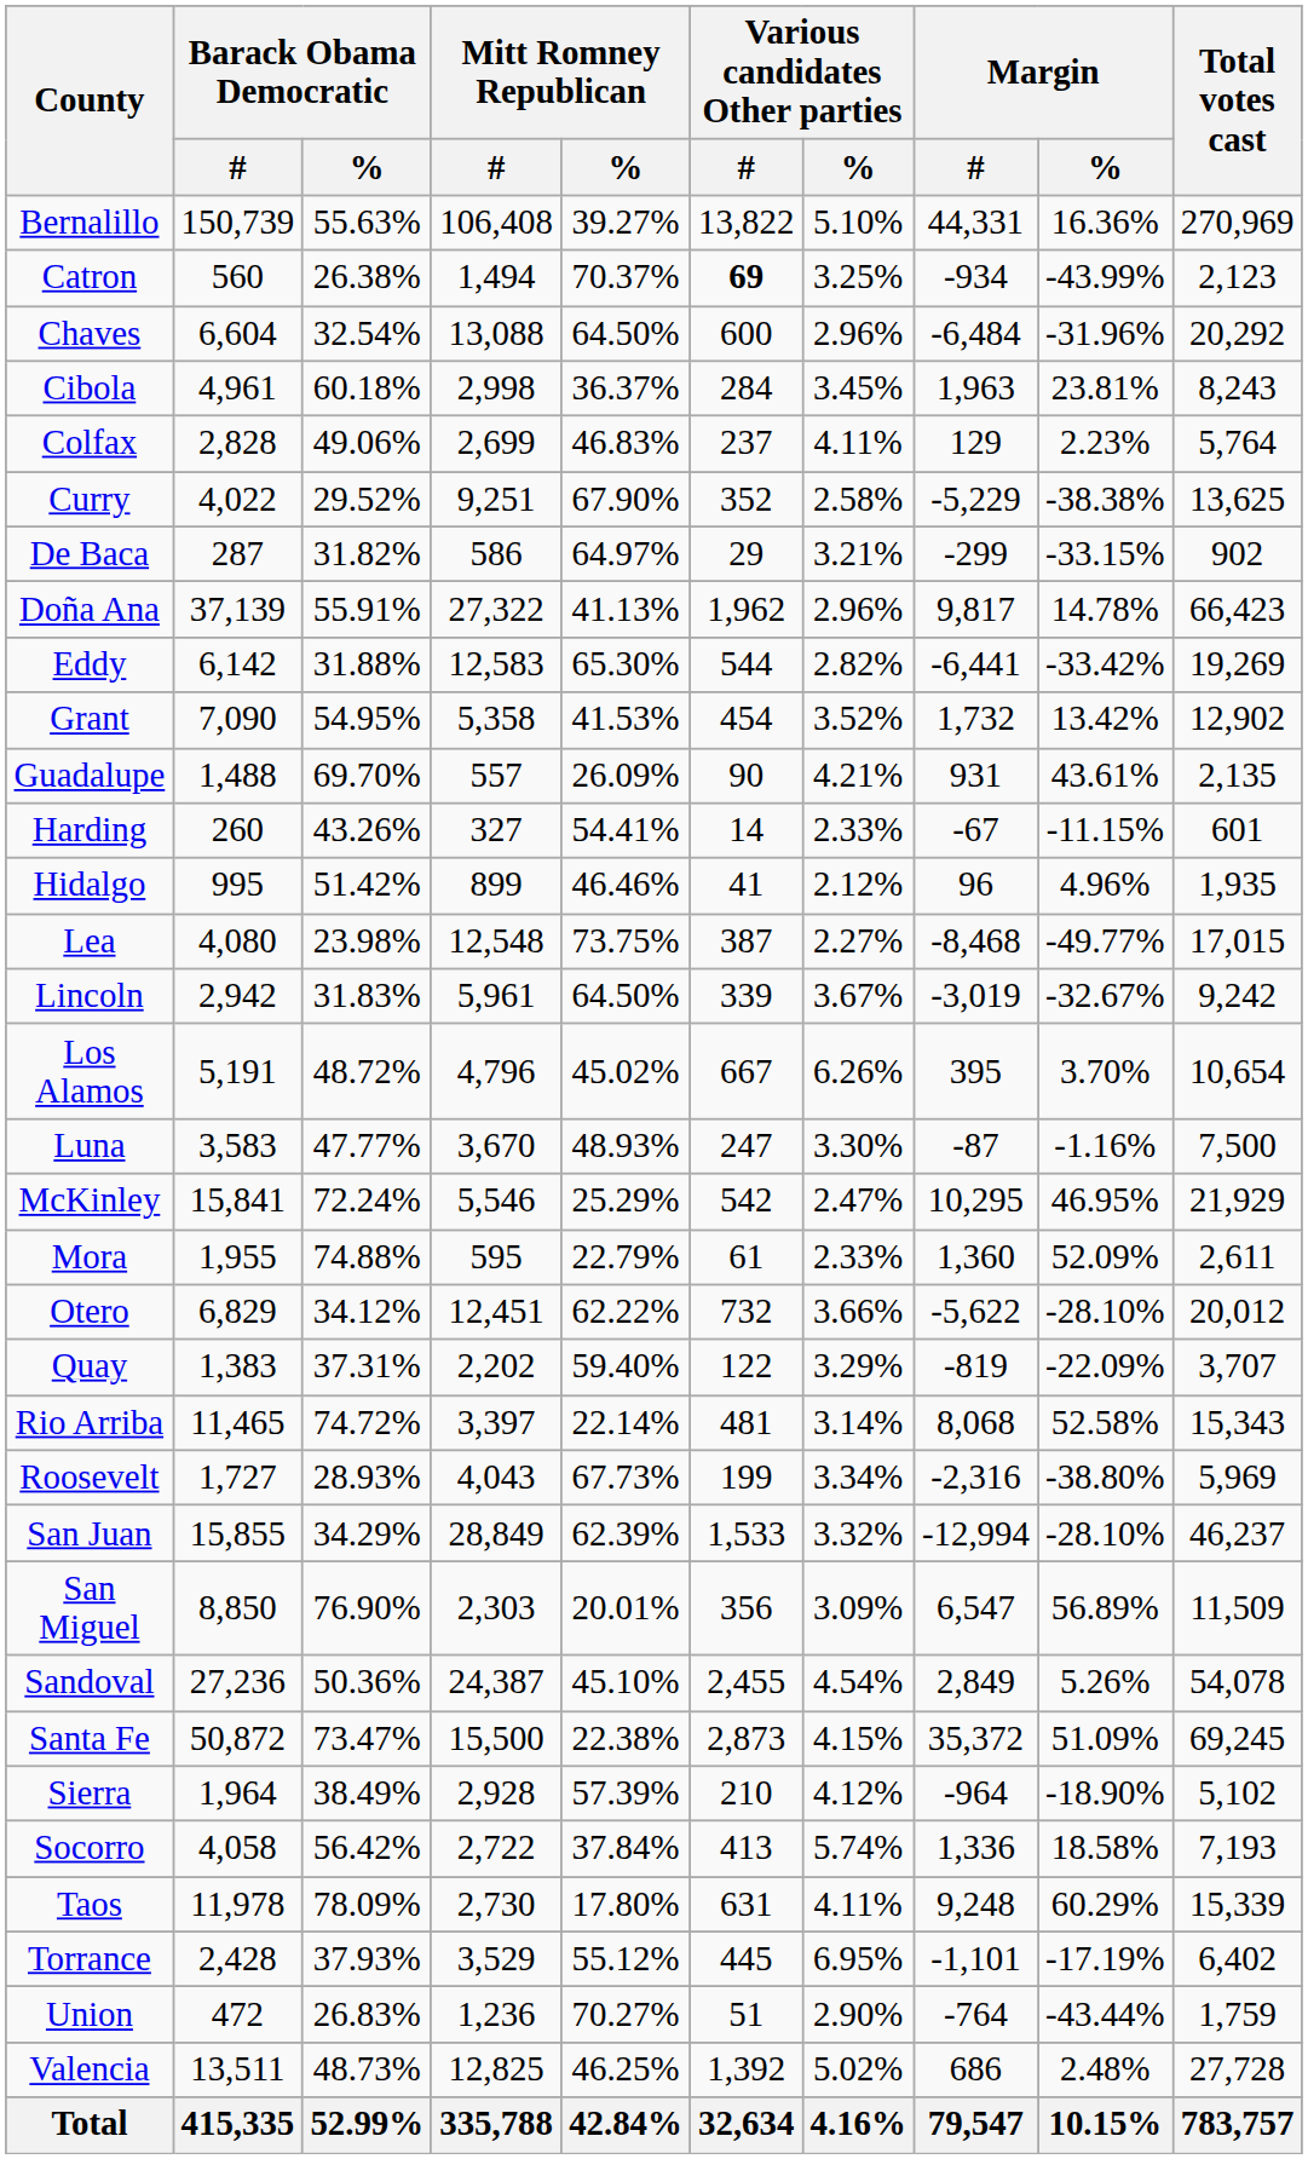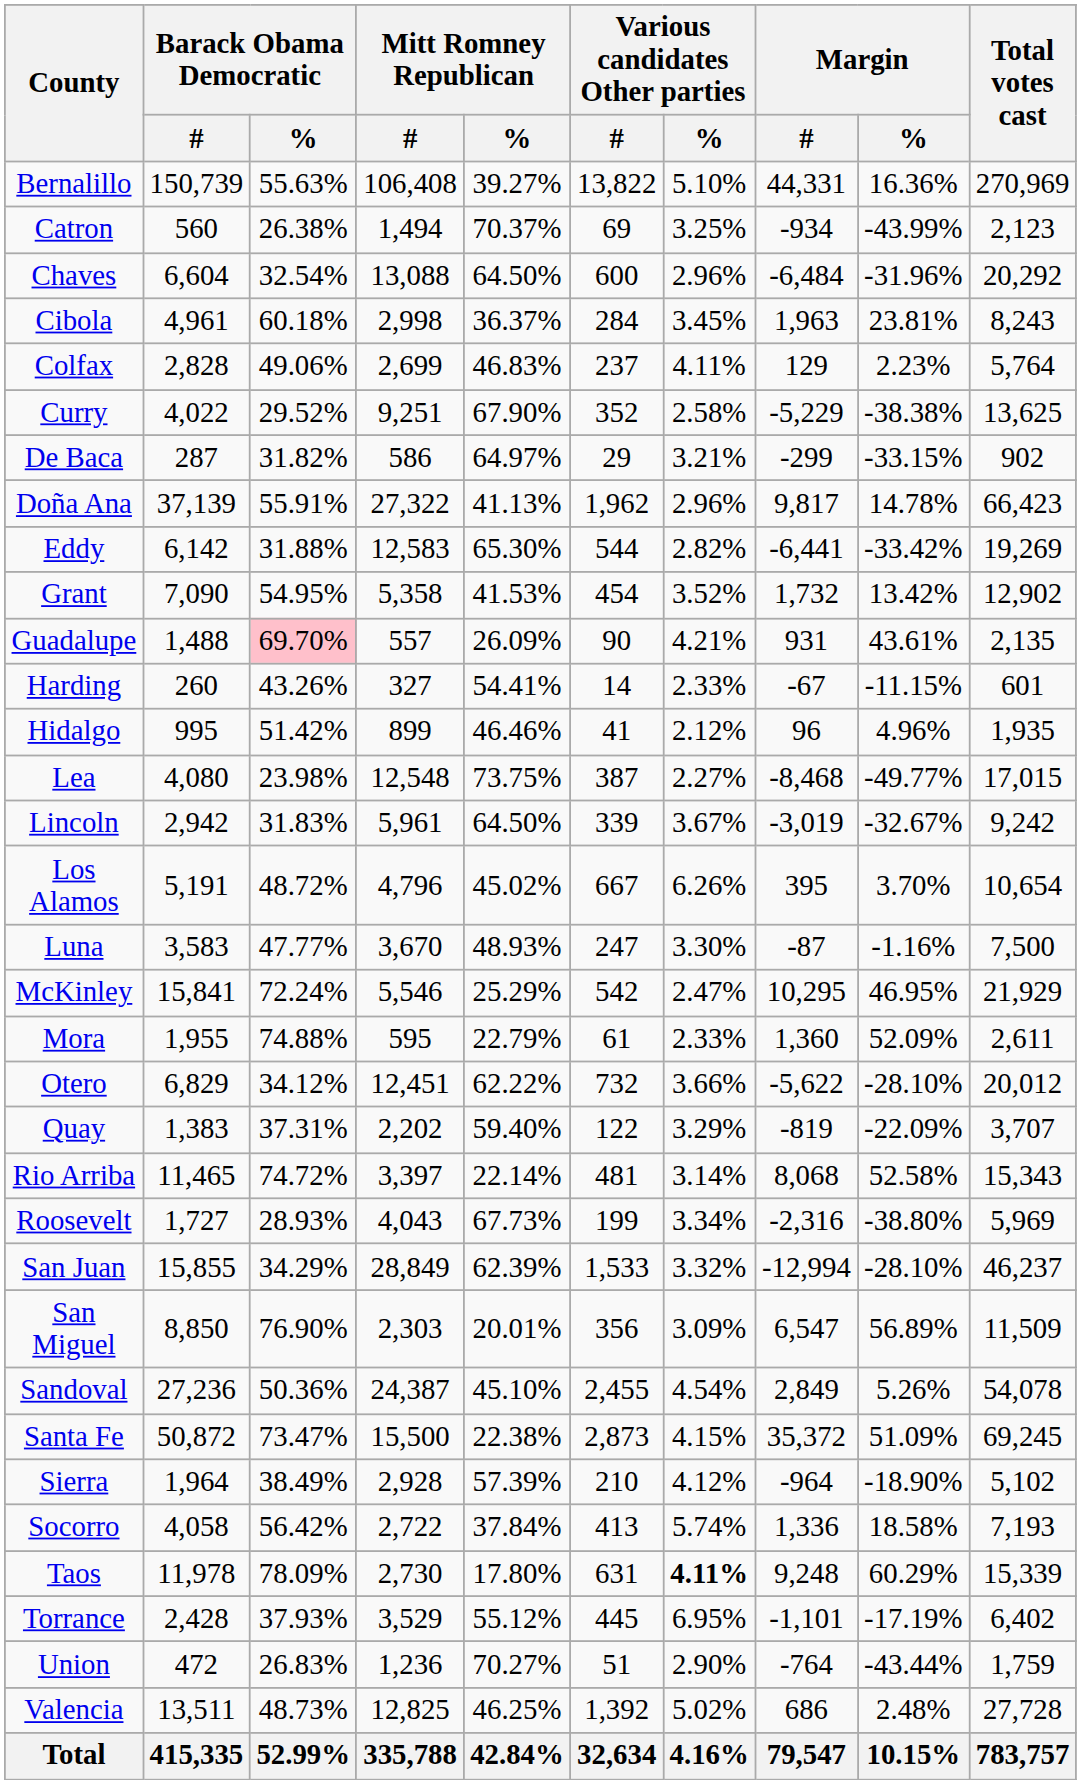 <table width="60%"  class="wikitable sortable" style="text-align:center">
 <tr>
 <th style="text-align:center;" rowspan="2">County</th>
 <th style="text-align:center;" colspan="2">Barack Obama<br>Democratic</th>
 <th style="text-align:center;" colspan="2">Mitt Romney<br>Republican</th>
 <th style="text-align:center;" colspan="2">Various candidates<br>Other parties</th>
 <th style="text-align:center;" colspan="2">Margin</th>
 <th style="text-align:center;" rowspan="2">Total votes cast</th>
 </tr>
 <tr>
 <th style="text-align:center;" data-sort-type="number">#</th>
 <th style="text-align:center;" data-sort-type="number">%</th>
 <th style="text-align:center;" data-sort-type="number">#</th>
 <th style="text-align:center;" data-sort-type="number">%</th>
 <th style="text-align:center;" data-sort-type="number">#</th>
 <th style="text-align:center;" data-sort-type="number">%</th>
 <th style="text-align:center;" data-sort-type="number">#</th>
 <th style="text-align:center;" data-sort-type="number">%</th>
 </tr>
 <tr style="text-align:center;">
 <td><a href='#'>Bernalillo</a></td>
 <td>150,739</td>
 <td>55.63%</td>
 <td>106,408</td>
 <td>39.27%</td>
 <td>13,822</td>
 <td>5.10%</td>
 <td>44,331</td>
 <td>16.36%</td>
 <td>270,969</td>
 </tr>
 <tr style="text-align:center;">
 <td><a href='#'>Catron</a></td>
 <td>560</td>
 <td>26.38%</td>
 <td>1,494</td>
 <td>70.37%</td>
-<td><strong>69</strong></td>
+<td>69</td>
 <td>3.25%</td>
 <td>-934</td>
 <td>-43.99%</td>
 <td>2,123</td>
 </tr>
 <tr style="text-align:center;">
 <td><a href='#'>Chaves</a></td>
 <td>6,604</td>
 <td>32.54%</td>
 <td>13,088</td>
 <td>64.50%</td>
 <td>600</td>
 <td>2.96%</td>
 <td>-6,484</td>
 <td>-31.96%</td>
 <td>20,292</td>
 </tr>
 <tr style="text-align:center;">
 <td><a href='#'>Cibola</a></td>
 <td>4,961</td>
 <td>60.18%</td>
 <td>2,998</td>
 <td>36.37%</td>
 <td>284</td>
 <td>3.45%</td>
 <td>1,963</td>
 <td>23.81%</td>
 <td>8,243</td>
 </tr>
 <tr style="text-align:center;">
 <td><a href='#'>Colfax</a></td>
 <td>2,828</td>
 <td>49.06%</td>
 <td>2,699</td>
 <td>46.83%</td>
 <td>237</td>
 <td>4.11%</td>
 <td>129</td>
 <td>2.23%</td>
 <td>5,764</td>
 </tr>
 <tr style="text-align:center;">
 <td><a href='#'>Curry</a></td>
 <td>4,022</td>
 <td>29.52%</td>
 <td>9,251</td>
 <td>67.90%</td>
 <td>352</td>
 <td>2.58%</td>
 <td>-5,229</td>
 <td>-38.38%</td>
 <td>13,625</td>
 </tr>
 <tr style="text-align:center;">
 <td><a href='#'>De Baca</a></td>
 <td>287</td>
 <td>31.82%</td>
 <td>586</td>
 <td>64.97%</td>
 <td>29</td>
 <td>3.21%</td>
 <td>-299</td>
 <td>-33.15%</td>
 <td>902</td>
 </tr>
 <tr style="text-align:center;">
 <td><a href='#'>Doña Ana</a></td>
 <td>37,139</td>
 <td>55.91%</td>
 <td>27,322</td>
 <td>41.13%</td>
 <td>1,962</td>
 <td>2.96%</td>
 <td>9,817</td>
 <td>14.78%</td>
 <td>66,423</td>
 </tr>
 <tr style="text-align:center;">
 <td><a href='#'>Eddy</a></td>
 <td>6,142</td>
 <td>31.88%</td>
 <td>12,583</td>
 <td>65.30%</td>
 <td>544</td>
 <td>2.82%</td>
 <td>-6,441</td>
 <td>-33.42%</td>
 <td>19,269</td>
 </tr>
 <tr style="text-align:center;">
 <td><a href='#'>Grant</a></td>
 <td>7,090</td>
 <td>54.95%</td>
 <td>5,358</td>
 <td>41.53%</td>
 <td>454</td>
 <td>3.52%</td>
 <td>1,732</td>
 <td>13.42%</td>
 <td>12,902</td>
 </tr>
 <tr style="text-align:center;">
 <td><a href='#'>Guadalupe</a></td>
 <td>1,488</td>
-<td>69.70%</td>
+<td style="background: pink;">69.70%</td>
 <td>557</td>
 <td>26.09%</td>
 <td>90</td>
 <td>4.21%</td>
 <td>931</td>
 <td>43.61%</td>
 <td>2,135</td>
 </tr>
 <tr style="text-align:center;">
 <td><a href='#'>Harding</a></td>
 <td>260</td>
 <td>43.26%</td>
 <td>327</td>
 <td>54.41%</td>
 <td>14</td>
 <td>2.33%</td>
 <td>-67</td>
 <td>-11.15%</td>
 <td>601</td>
 </tr>
 <tr style="text-align:center;">
 <td><a href='#'>Hidalgo</a></td>
 <td>995</td>
 <td>51.42%</td>
 <td>899</td>
 <td>46.46%</td>
 <td>41</td>
 <td>2.12%</td>
 <td>96</td>
 <td>4.96%</td>
 <td>1,935</td>
 </tr>
 <tr style="text-align:center;">
 <td><a href='#'>Lea</a></td>
 <td>4,080</td>
 <td>23.98%</td>
 <td>12,548</td>
 <td>73.75%</td>
 <td>387</td>
 <td>2.27%</td>
 <td>-8,468</td>
 <td>-49.77%</td>
 <td>17,015</td>
 </tr>
 <tr style="text-align:center;">
 <td><a href='#'>Lincoln</a></td>
 <td>2,942</td>
 <td>31.83%</td>
 <td>5,961</td>
 <td>64.50%</td>
 <td>339</td>
 <td>3.67%</td>
 <td>-3,019</td>
 <td>-32.67%</td>
 <td>9,242</td>
 </tr>
 <tr style="text-align:center;">
 <td><a href='#'>Los Alamos</a></td>
 <td>5,191</td>
 <td>48.72%</td>
 <td>4,796</td>
 <td>45.02%</td>
 <td>667</td>
 <td>6.26%</td>
 <td>395</td>
 <td>3.70%</td>
 <td>10,654</td>
 </tr>
 <tr style="text-align:center;">
 <td><a href='#'>Luna</a></td>
 <td>3,583</td>
 <td>47.77%</td>
 <td>3,670</td>
 <td>48.93%</td>
 <td>247</td>
 <td>3.30%</td>
 <td>-87</td>
 <td>-1.16%</td>
 <td>7,500</td>
 </tr>
 <tr style="text-align:center;">
 <td><a href='#'>McKinley</a></td>
 <td>15,841</td>
 <td>72.24%</td>
 <td>5,546</td>
 <td>25.29%</td>
 <td>542</td>
 <td>2.47%</td>
 <td>10,295</td>
 <td>46.95%</td>
 <td>21,929</td>
 </tr>
 <tr style="text-align:center;">
 <td><a href='#'>Mora</a></td>
 <td>1,955</td>
 <td>74.88%</td>
 <td>595</td>
 <td>22.79%</td>
 <td>61</td>
 <td>2.33%</td>
 <td>1,360</td>
 <td>52.09%</td>
 <td>2,611</td>
 </tr>
 <tr style="text-align:center;">
 <td><a href='#'>Otero</a></td>
 <td>6,829</td>
 <td>34.12%</td>
 <td>12,451</td>
 <td>62.22%</td>
 <td>732</td>
 <td>3.66%</td>
 <td>-5,622</td>
 <td>-28.10%</td>
 <td>20,012</td>
 </tr>
 <tr style="text-align:center;">
 <td><a href='#'>Quay</a></td>
 <td>1,383</td>
 <td>37.31%</td>
 <td>2,202</td>
 <td>59.40%</td>
 <td>122</td>
 <td>3.29%</td>
 <td>-819</td>
 <td>-22.09%</td>
 <td>3,707</td>
 </tr>
 <tr style="text-align:center;">
 <td><a href='#'>Rio Arriba</a></td>
 <td>11,465</td>
 <td>74.72%</td>
 <td>3,397</td>
 <td>22.14%</td>
 <td>481</td>
 <td>3.14%</td>
 <td>8,068</td>
 <td>52.58%</td>
 <td>15,343</td>
 </tr>
 <tr style="text-align:center;">
 <td><a href='#'>Roosevelt</a></td>
 <td>1,727</td>
 <td>28.93%</td>
 <td>4,043</td>
 <td>67.73%</td>
 <td>199</td>
 <td>3.34%</td>
 <td>-2,316</td>
 <td>-38.80%</td>
 <td>5,969</td>
 </tr>
 <tr style="text-align:center;">
 <td><a href='#'>San Juan</a></td>
 <td>15,855</td>
 <td>34.29%</td>
 <td>28,849</td>
 <td>62.39%</td>
 <td>1,533</td>
 <td>3.32%</td>
 <td>-12,994</td>
 <td>-28.10%</td>
 <td>46,237</td>
 </tr>
 <tr style="text-align:center;">
 <td><a href='#'>San Miguel</a></td>
 <td>8,850</td>
 <td>76.90%</td>
 <td>2,303</td>
 <td>20.01%</td>
 <td>356</td>
 <td>3.09%</td>
 <td>6,547</td>
 <td>56.89%</td>
 <td>11,509</td>
 </tr>
 <tr style="text-align:center;">
 <td><a href='#'>Sandoval</a></td>
 <td>27,236</td>
 <td>50.36%</td>
 <td>24,387</td>
 <td>45.10%</td>
 <td>2,455</td>
 <td>4.54%</td>
 <td>2,849</td>
 <td>5.26%</td>
 <td>54,078</td>
 </tr>
 <tr style="text-align:center;">
 <td><a href='#'>Santa Fe</a></td>
 <td>50,872</td>
 <td>73.47%</td>
 <td>15,500</td>
 <td>22.38%</td>
 <td>2,873</td>
 <td>4.15%</td>
 <td>35,372</td>
 <td>51.09%</td>
 <td>69,245</td>
 </tr>
 <tr style="text-align:center;">
 <td><a href='#'>Sierra</a></td>
 <td>1,964</td>
 <td>38.49%</td>
 <td>2,928</td>
 <td>57.39%</td>
 <td>210</td>
 <td>4.12%</td>
 <td>-964</td>
 <td>-18.90%</td>
 <td>5,102</td>
 </tr>
 <tr style="text-align:center;">
 <td><a href='#'>Socorro</a></td>
 <td>4,058</td>
 <td>56.42%</td>
 <td>2,722</td>
 <td>37.84%</td>
 <td>413</td>
 <td>5.74%</td>
 <td>1,336</td>
 <td>18.58%</td>
 <td>7,193</td>
 </tr>
 <tr style="text-align:center;">
 <td><a href='#'>Taos</a></td>
 <td>11,978</td>
 <td>78.09%</td>
 <td>2,730</td>
 <td>17.80%</td>
 <td>631</td>
-<td>4.11%</td>
+<td><strong>4.11%</strong></td>
 <td>9,248</td>
 <td>60.29%</td>
 <td>15,339</td>
 </tr>
 <tr style="text-align:center;">
 <td><a href='#'>Torrance</a></td>
 <td>2,428</td>
 <td>37.93%</td>
 <td>3,529</td>
 <td>55.12%</td>
 <td>445</td>
 <td>6.95%</td>
 <td>-1,101</td>
 <td>-17.19%</td>
 <td>6,402</td>
 </tr>
 <tr style="text-align:center;">
 <td><a href='#'>Union</a></td>
 <td>472</td>
 <td>26.83%</td>
 <td>1,236</td>
 <td>70.27%</td>
 <td>51</td>
 <td>2.90%</td>
 <td>-764</td>
 <td>-43.44%</td>
 <td>1,759</td>
 </tr>
 <tr style="text-align:center;">
 <td><a href='#'>Valencia</a></td>
 <td>13,511</td>
 <td>48.73%</td>
 <td>12,825</td>
 <td>46.25%</td>
 <td>1,392</td>
 <td>5.02%</td>
 <td>686</td>
 <td>2.48%</td>
 <td>27,728</td>
 </tr>
 <tr>
 <th>Total</th>
 <th>415,335</th>
 <th>52.99%</th>
 <th>335,788</th>
 <th>42.84%</th>
 <th>32,634</th>
 <th>4.16%</th>
 <th>79,547</th>
 <th>10.15%</th>
 <th>783,757</th>
 </tr>
 </table>
